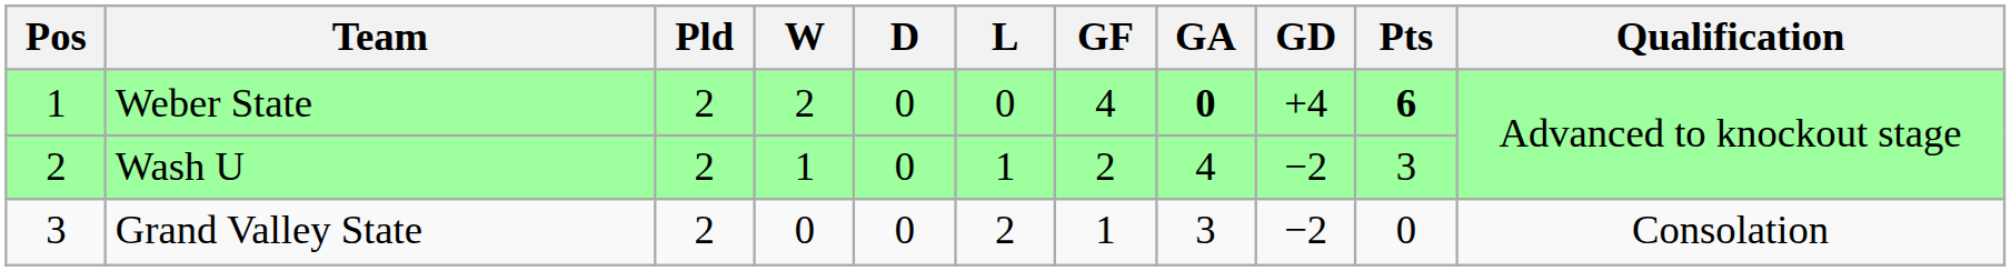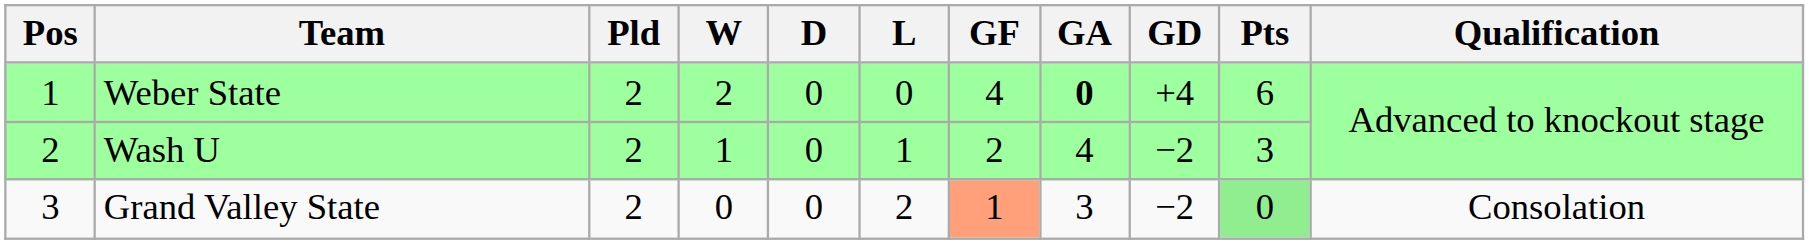 <table class="wikitable" style="text-align:center; margin: 1em auto">
 <tr>
 <th style="width:2em">Pos</th>
 <th style="width:13em">Team</th>
 <th style="width:2em">Pld</th>
 <th style="width:2em">W</th>
 <th style="width:2em">D</th>
 <th style="width:2em">L</th>
 <th style="width:2em">GF</th>
 <th style="width:2em">GA</th>
 <th style="width:2em">GD</th>
 <th style="width:2em">Pts</th>
 <th style="width:13em">Qualification</th>
 </tr>
 <tr bgcolor="#9eff9e">
 <td>1</td>
 <td style="text-align:left">Weber State</td>
 <td>2</td>
 <td>2</td>
 <td>0</td>
 <td>0</td>
 <td>4</td>
 <td><strong>0</strong></td>
 <td>+4</td>
-<td><strong>6</strong></td>
+<td>6</td>
 <td rowspan="2">Advanced to knockout stage</td>
 </tr>
 <tr bgcolor="#9eff9e">
 <td>2</td>
 <td style="text-align:left">Wash U</td>
 <td>2</td>
 <td>1</td>
 <td>0</td>
 <td>1</td>
 <td>2</td>
 <td>4</td>
 <td>−2</td>
 <td>3</td>
 </tr>
 <tr>
 <td>3</td>
 <td style="text-align:left">Grand Valley State</td>
 <td>2</td>
 <td>0</td>
 <td>0</td>
 <td>2</td>
-<td>1</td>
+<td style="background: lightsalmon;">1</td>
 <td>3</td>
 <td>−2</td>
-<td>0</td>
+<td style="background: lightgreen;">0</td>
 <td>Consolation</td>
 </tr>
 </table>
